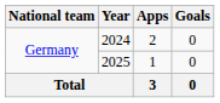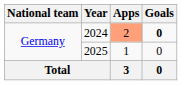 <table class="wikitable" style="text-align:center">
 <tr>
 <th>National team</th>
 <th>Year</th>
 <th>Apps</th>
 <th>Goals</th>
 </tr>
 <tr>
 <td rowspan=2><a href='#'>Germany</a></td>
 <td>2024</td>
-<td>2</td>
-<td>0</td>
+<td style="background: lightsalmon;">2</td>
+<td><strong>0</strong></td>
 </tr>
 <tr>
 <td>2025</td>
 <td>1</td>
 <td>0</td>
 </tr>
 <tr>
 <th colspan="2">Total</th>
 <th>3</th>
 <th>0</th>
 </tr>
 </table>
